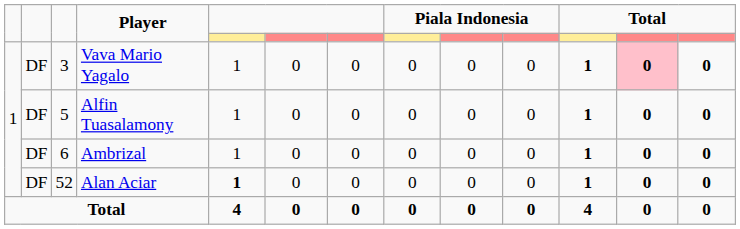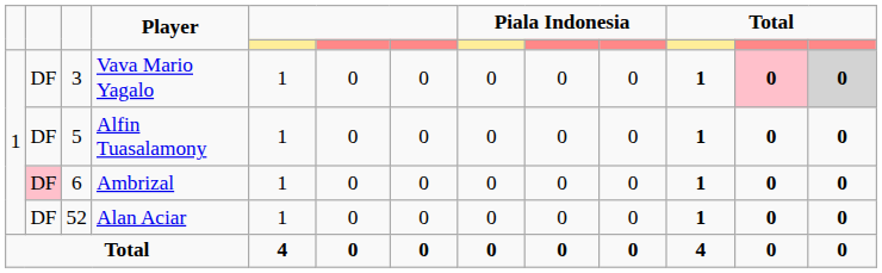 <table class="wikitable" style="font-size: 90%; text-align: center;">
 <tr>
 <td rowspan="2"  style="width:2%;"><strong></strong></td>
 <td rowspan="2"  style="width:3%;"><strong></strong></td>
 <td rowspan="2"  style="width:3%;"><strong></strong></td>
 <td rowspan="2"  style="width:18%;"><strong>Player</strong></td>
 <td colspan="3"><strong></strong></td>
 <td colspan="3"><strong>Piala Indonesia</strong></td>
 <td colspan="3"><strong>Total</strong></td>
 </tr>
 <tr>
 <th style="width:25px; background:#fe9;"></th>
 <th style="width:28px; background:#ff8888;"></th>
 <th style="width:25px; background:#ff8888;"></th>
 <th style="width:25px; background:#fe9;"></th>
 <th style="width:28px; background:#ff8888;"></th>
 <th style="width:25px; background:#ff8888;"></th>
 <th style="width:25px; background:#fe9;"></th>
 <th style="width:28px; background:#ff8888;"></th>
 <th style="width:25px; background:#ff8888;"></th>
 </tr>
 <tr>
 <td rowspan=4>1</td>
 <td>DF</td>
 <td>3</td>
 <td align=left> <a href='#'>Vava Mario Yagalo</a></td>
 <td>1</td>
 <td>0</td>
 <td>0</td>
 <td>0</td>
 <td>0</td>
 <td>0</td>
 <td><strong>1</strong></td>
 <td style="background: pink;"><strong>0</strong></td>
-<td><strong>0</strong></td>
+<td style="background: lightgrey;"><strong>0</strong></td>
 </tr>
 <tr>
 <td>DF</td>
 <td>5</td>
 <td align=left> <a href='#'>Alfin Tuasalamony</a></td>
 <td>1</td>
 <td>0</td>
 <td>0</td>
 <td>0</td>
 <td>0</td>
 <td>0</td>
 <td><strong>1</strong></td>
 <td><strong>0</strong></td>
 <td><strong>0</strong></td>
 </tr>
 <tr>
-<td>DF</td>
+<td style="background: pink;">DF</td>
 <td>6</td>
 <td align=left> <a href='#'>Ambrizal</a></td>
 <td>1</td>
 <td>0</td>
 <td>0</td>
 <td>0</td>
 <td>0</td>
 <td>0</td>
 <td><strong>1</strong></td>
 <td><strong>0</strong></td>
 <td><strong>0</strong></td>
 </tr>
 <tr>
 <td>DF</td>
 <td>52</td>
 <td align=left> <a href='#'>Alan Aciar</a></td>
-<td><strong>1</strong></td>
+<td>1</td>
 <td>0</td>
 <td>0</td>
 <td>0</td>
 <td>0</td>
 <td>0</td>
 <td><strong>1</strong></td>
 <td><strong>0</strong></td>
 <td><strong>0</strong></td>
 </tr>
 <tr>
 <td colspan="4"><strong>Total</strong></td>
 <td><strong>4</strong></td>
 <td><strong>0</strong></td>
 <td><strong>0</strong></td>
 <td><strong>0</strong></td>
 <td><strong>0</strong></td>
 <td><strong>0</strong></td>
 <td><strong>4</strong></td>
 <td><strong>0</strong></td>
 <td><strong>0</strong></td>
 </tr>
 </table>
